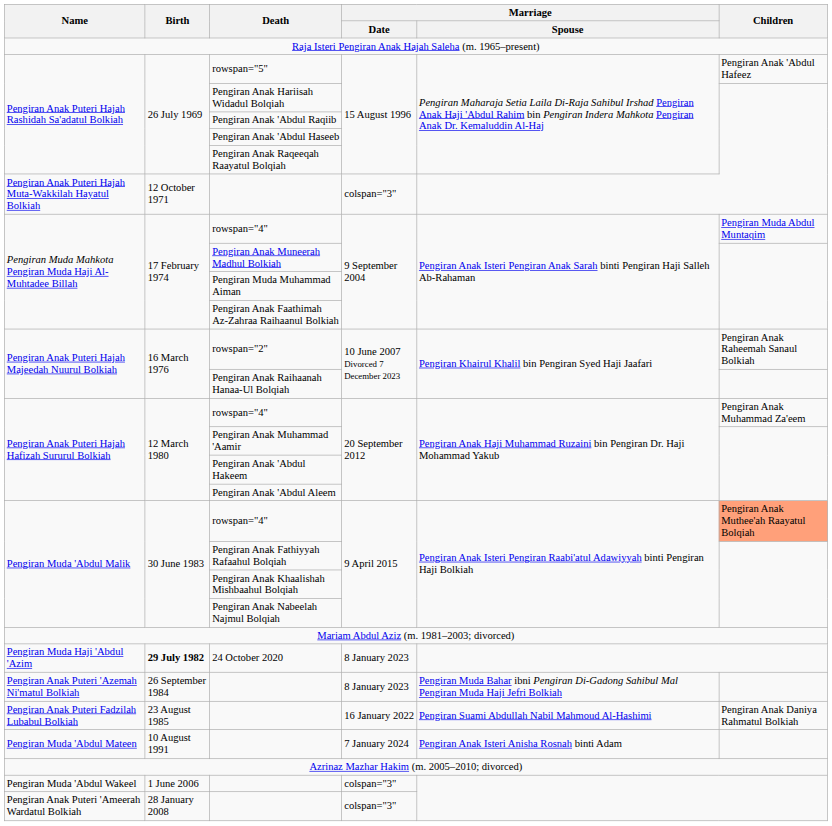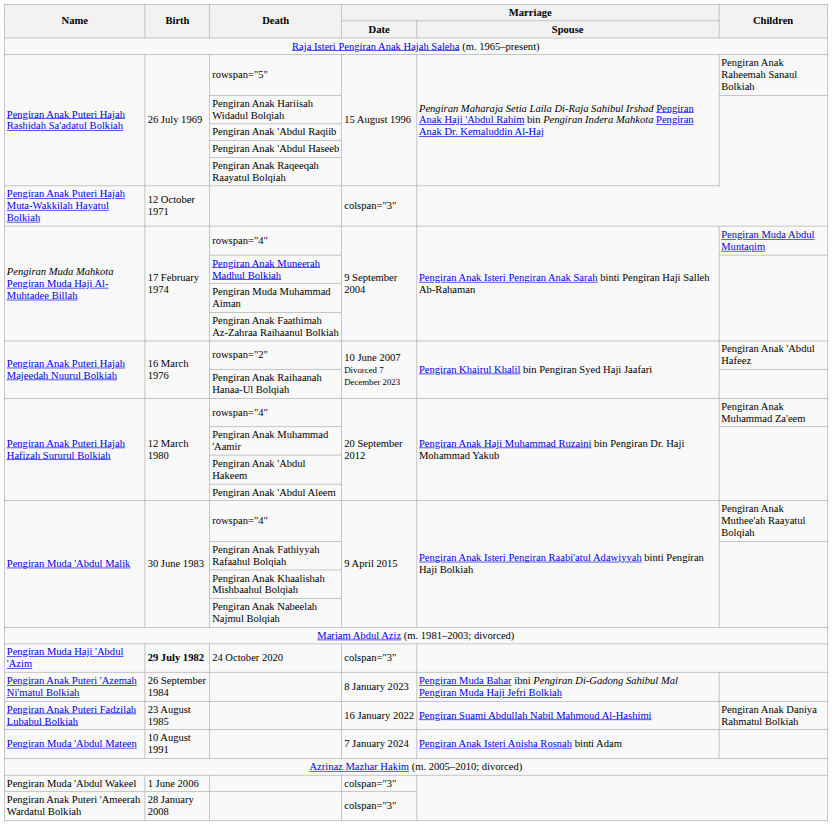 <table class="wikitable">
 <tr>
 <th rowspan="2">Name</th>
 <th rowspan="2">Birth</th>
 <th rowspan="2">Death</th>
 <th colspan="2">Marriage</th>
 <th rowspan="2">Children</th>
 </tr>
 <tr>
 <th>Date</th>
 <th>Spouse</th>
 </tr>
 <tr>
 <td colspan="6" style="text-align:center;"><a href='#'>Raja Isteri Pengiran Anak Hajah Saleha</a> (m. 1965–present)</td>
 </tr>
 <tr>
 <td rowspan="5"><a href='#'>Pengiran Anak Puteri Hajah Rashidah Sa'adatul Bolkiah</a></td>
 <td rowspan="5">26 July 1969</td>
 <td>rowspan="5" </td>
 <td rowspan="5">15 August 1996</td>
 <td rowspan="5"><em>Pengiran Maharaja Setia Laila Di-Raja Sahibul Irshad</em> <a href='#'>Pengiran Anak Haji 'Abdul Rahim</a> bin <em>Pengiran Indera Mahkota</em> <a href='#'>Pengiran Anak Dr. Kemaluddin Al-Haj</a></td>
-<td>Pengiran Anak 'Abdul Hafeez</td>
+<td>Pengiran Anak Raheemah Sanaul Bolkiah</td>
 </tr>
 <tr>
 <td>Pengiran Anak Hariisah Widadul Bolqiah</td>
 </tr>
 <tr>
 <td>Pengiran Anak 'Abdul Raqiib</td>
 </tr>
 <tr>
 <td>Pengiran Anak 'Abdul Haseeb</td>
 </tr>
 <tr>
 <td>Pengiran Anak Raqeeqah Raayatul Bolqiah</td>
 </tr>
 <tr>
 <td><a href='#'>Pengiran Anak Puteri Hajah Muta-Wakkilah Hayatul Bolkiah</a></td>
 <td>12 October 1971</td>
 <td></td>
 <td>colspan="3" </td>
 </tr>
 <tr>
 <td rowspan="4"><em>Pengiran Muda Mahkota</em> <a href='#'>Pengiran Muda Haji Al-Muhtadee Billah</a></td>
 <td rowspan="4">17 February 1974</td>
 <td>rowspan="4" </td>
 <td rowspan="4">9 September 2004</td>
 <td rowspan="4"><a href='#'>Pengiran Anak Isteri Pengiran Anak Sarah</a> binti Pengiran Haji Salleh Ab-Rahaman</td>
 <td><a href='#'>Pengiran Muda Abdul Muntaqim</a></td>
 </tr>
 <tr>
 <td><a href='#'>Pengiran Anak Muneerah Madhul Bolkiah</a></td>
 </tr>
 <tr>
 <td>Pengiran Muda Muhammad Aiman</td>
 </tr>
 <tr>
 <td>Pengiran Anak Faathimah Az-Zahraa Raihaanul Bolkiah</td>
 </tr>
 <tr>
 <td rowspan="2"><a href='#'>Pengiran Anak Puteri Hajah Majeedah Nuurul Bolkiah</a></td>
 <td rowspan="2">16 March 1976</td>
 <td>rowspan="2" </td>
 <td rowspan="2">10 June 2007<br><small>Divorced 7 December 2023</small></td>
 <td rowspan="2"><a href='#'>Pengiran Khairul Khalil</a> bin Pengiran Syed Haji Jaafari</td>
-<td>Pengiran Anak Raheemah Sanaul Bolkiah</td>
+<td>Pengiran Anak 'Abdul Hafeez</td>
 </tr>
 <tr>
 <td>Pengiran Anak Raihaanah Hanaa-Ul Bolqiah</td>
 </tr>
 <tr>
 <td rowspan="4"><a href='#'>Pengiran Anak Puteri Hajah Hafizah Sururul Bolkiah</a></td>
 <td rowspan="4">12 March 1980</td>
 <td>rowspan="4" </td>
 <td rowspan="4">20 September 2012</td>
 <td rowspan="4"><a href='#'>Pengiran Anak Haji Muhammad Ruzaini</a> bin Pengiran Dr. Haji Mohammad Yakub</td>
 <td>Pengiran Anak Muhammad Za'eem</td>
 </tr>
 <tr>
 <td>Pengiran Anak Muhammad 'Aamir</td>
 </tr>
 <tr>
 <td>Pengiran Anak 'Abdul Hakeem</td>
 </tr>
 <tr>
 <td>Pengiran Anak 'Abdul Aleem</td>
 </tr>
 <tr>
 <td rowspan="4"><a href='#'>Pengiran Muda 'Abdul Malik</a></td>
 <td rowspan="4">30 June 1983</td>
 <td>rowspan="4" </td>
 <td rowspan="4">9 April 2015</td>
 <td rowspan="4"><a href='#'>Pengiran Anak Isteri Pengiran Raabi'atul Adawiyyah</a> binti Pengiran Haji Bolkiah</td>
-<td style="background: lightsalmon;">Pengiran Anak Muthee'ah Raayatul Bolqiah</td>
+<td>Pengiran Anak Muthee'ah Raayatul Bolqiah</td>
 </tr>
 <tr>
 <td>Pengiran Anak Fathiyyah Rafaahul Bolqiah</td>
 </tr>
 <tr>
 <td>Pengiran Anak Khaalishah Mishbaahul Bolqiah</td>
 </tr>
 <tr>
 <td>Pengiran Anak Nabeelah Najmul Bolqiah</td>
 </tr>
 <tr>
 <td colspan="6" style="text-align:center;"><a href='#'>Mariam Abdul Aziz</a> (m. 1981–2003; divorced)</td>
 </tr>
 <tr>
 <td><a href='#'>Pengiran Muda Haji 'Abdul 'Azim</a></td>
 <td><strong>29 July 1982</strong></td>
 <td>24 October 2020</td>
-<td>8 January 2023</td>
+<td>colspan="3" </td>
 </tr>
 <tr>
 <td><a href='#'>Pengiran Anak Puteri 'Azemah Ni'matul Bolkiah</a></td>
 <td>26 September 1984</td>
 <td></td>
 <td>8 January 2023</td>
 <td><a href='#'>Pengiran Muda Bahar</a> ibni <em>Pengiran Di-Gadong Sahibul Mal</em> <a href='#'>Pengiran Muda Haji Jefri Bolkiah</a></td>
 <td></td>
 </tr>
 <tr>
 <td><a href='#'>Pengiran Anak Puteri Fadzilah Lubabul Bolkiah</a></td>
 <td>23 August 1985</td>
 <td></td>
 <td>16 January 2022</td>
 <td><a href='#'>Pengiran Suami Abdullah Nabil Mahmoud Al-Hashimi</a></td>
 <td>Pengiran Anak Daniya Rahmatul Bolkiah</td>
 </tr>
 <tr>
 <td><a href='#'>Pengiran Muda 'Abdul Mateen</a></td>
 <td>10 August 1991</td>
 <td></td>
 <td>7 January 2024</td>
 <td><a href='#'>Pengiran Anak Isteri Anisha Rosnah</a> binti Adam</td>
 <td></td>
 </tr>
 <tr>
 <td colspan="6" style="text-align:center;"><a href='#'>Azrinaz Mazhar Hakim</a> (m. 2005–2010; divorced)</td>
 </tr>
 <tr>
 <td>Pengiran Muda 'Abdul Wakeel</td>
 <td>1 June 2006</td>
 <td></td>
 <td>colspan="3" </td>
 </tr>
 <tr>
 <td>Pengiran Anak Puteri 'Ameerah Wardatul Bolkiah</td>
 <td>28 January 2008</td>
 <td></td>
 <td>colspan="3" </td>
 </tr>
 </table>
